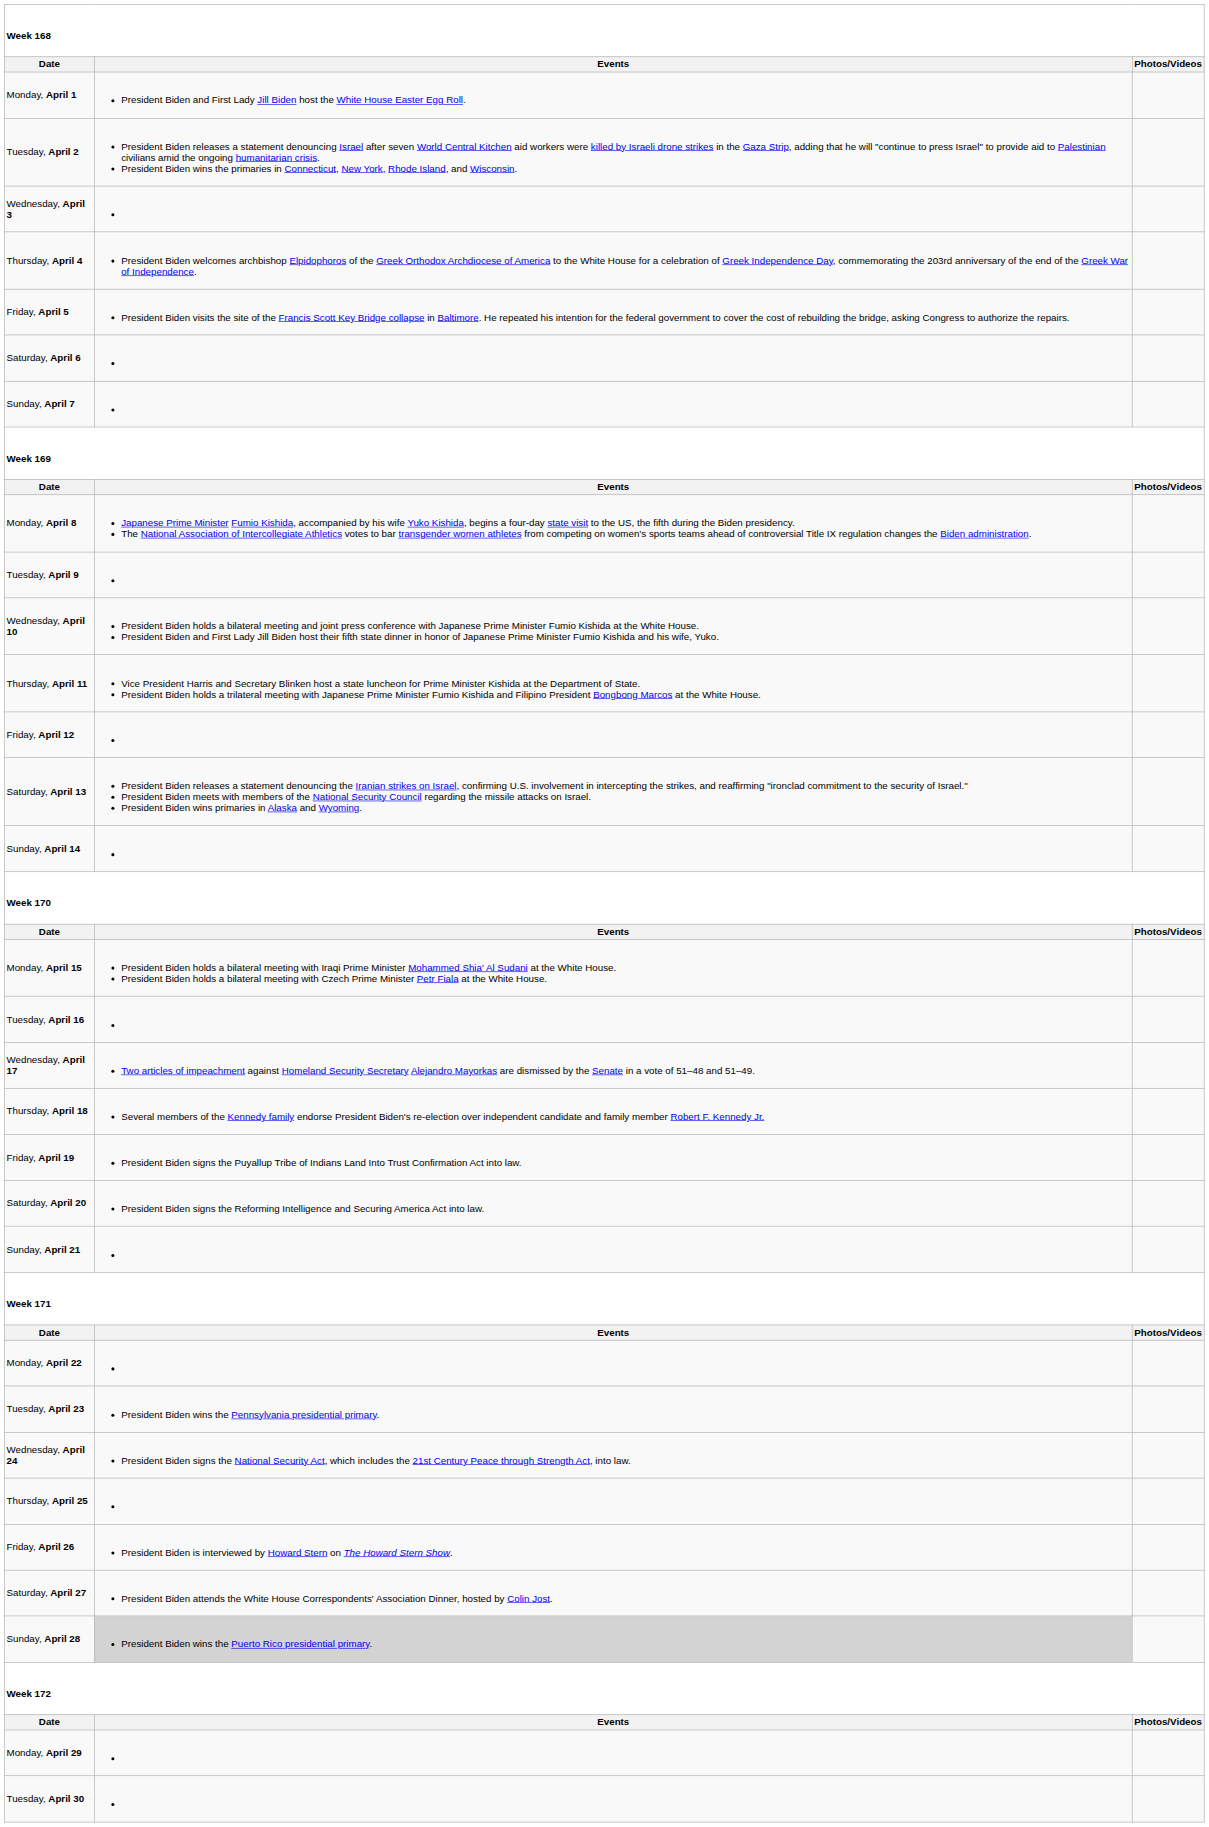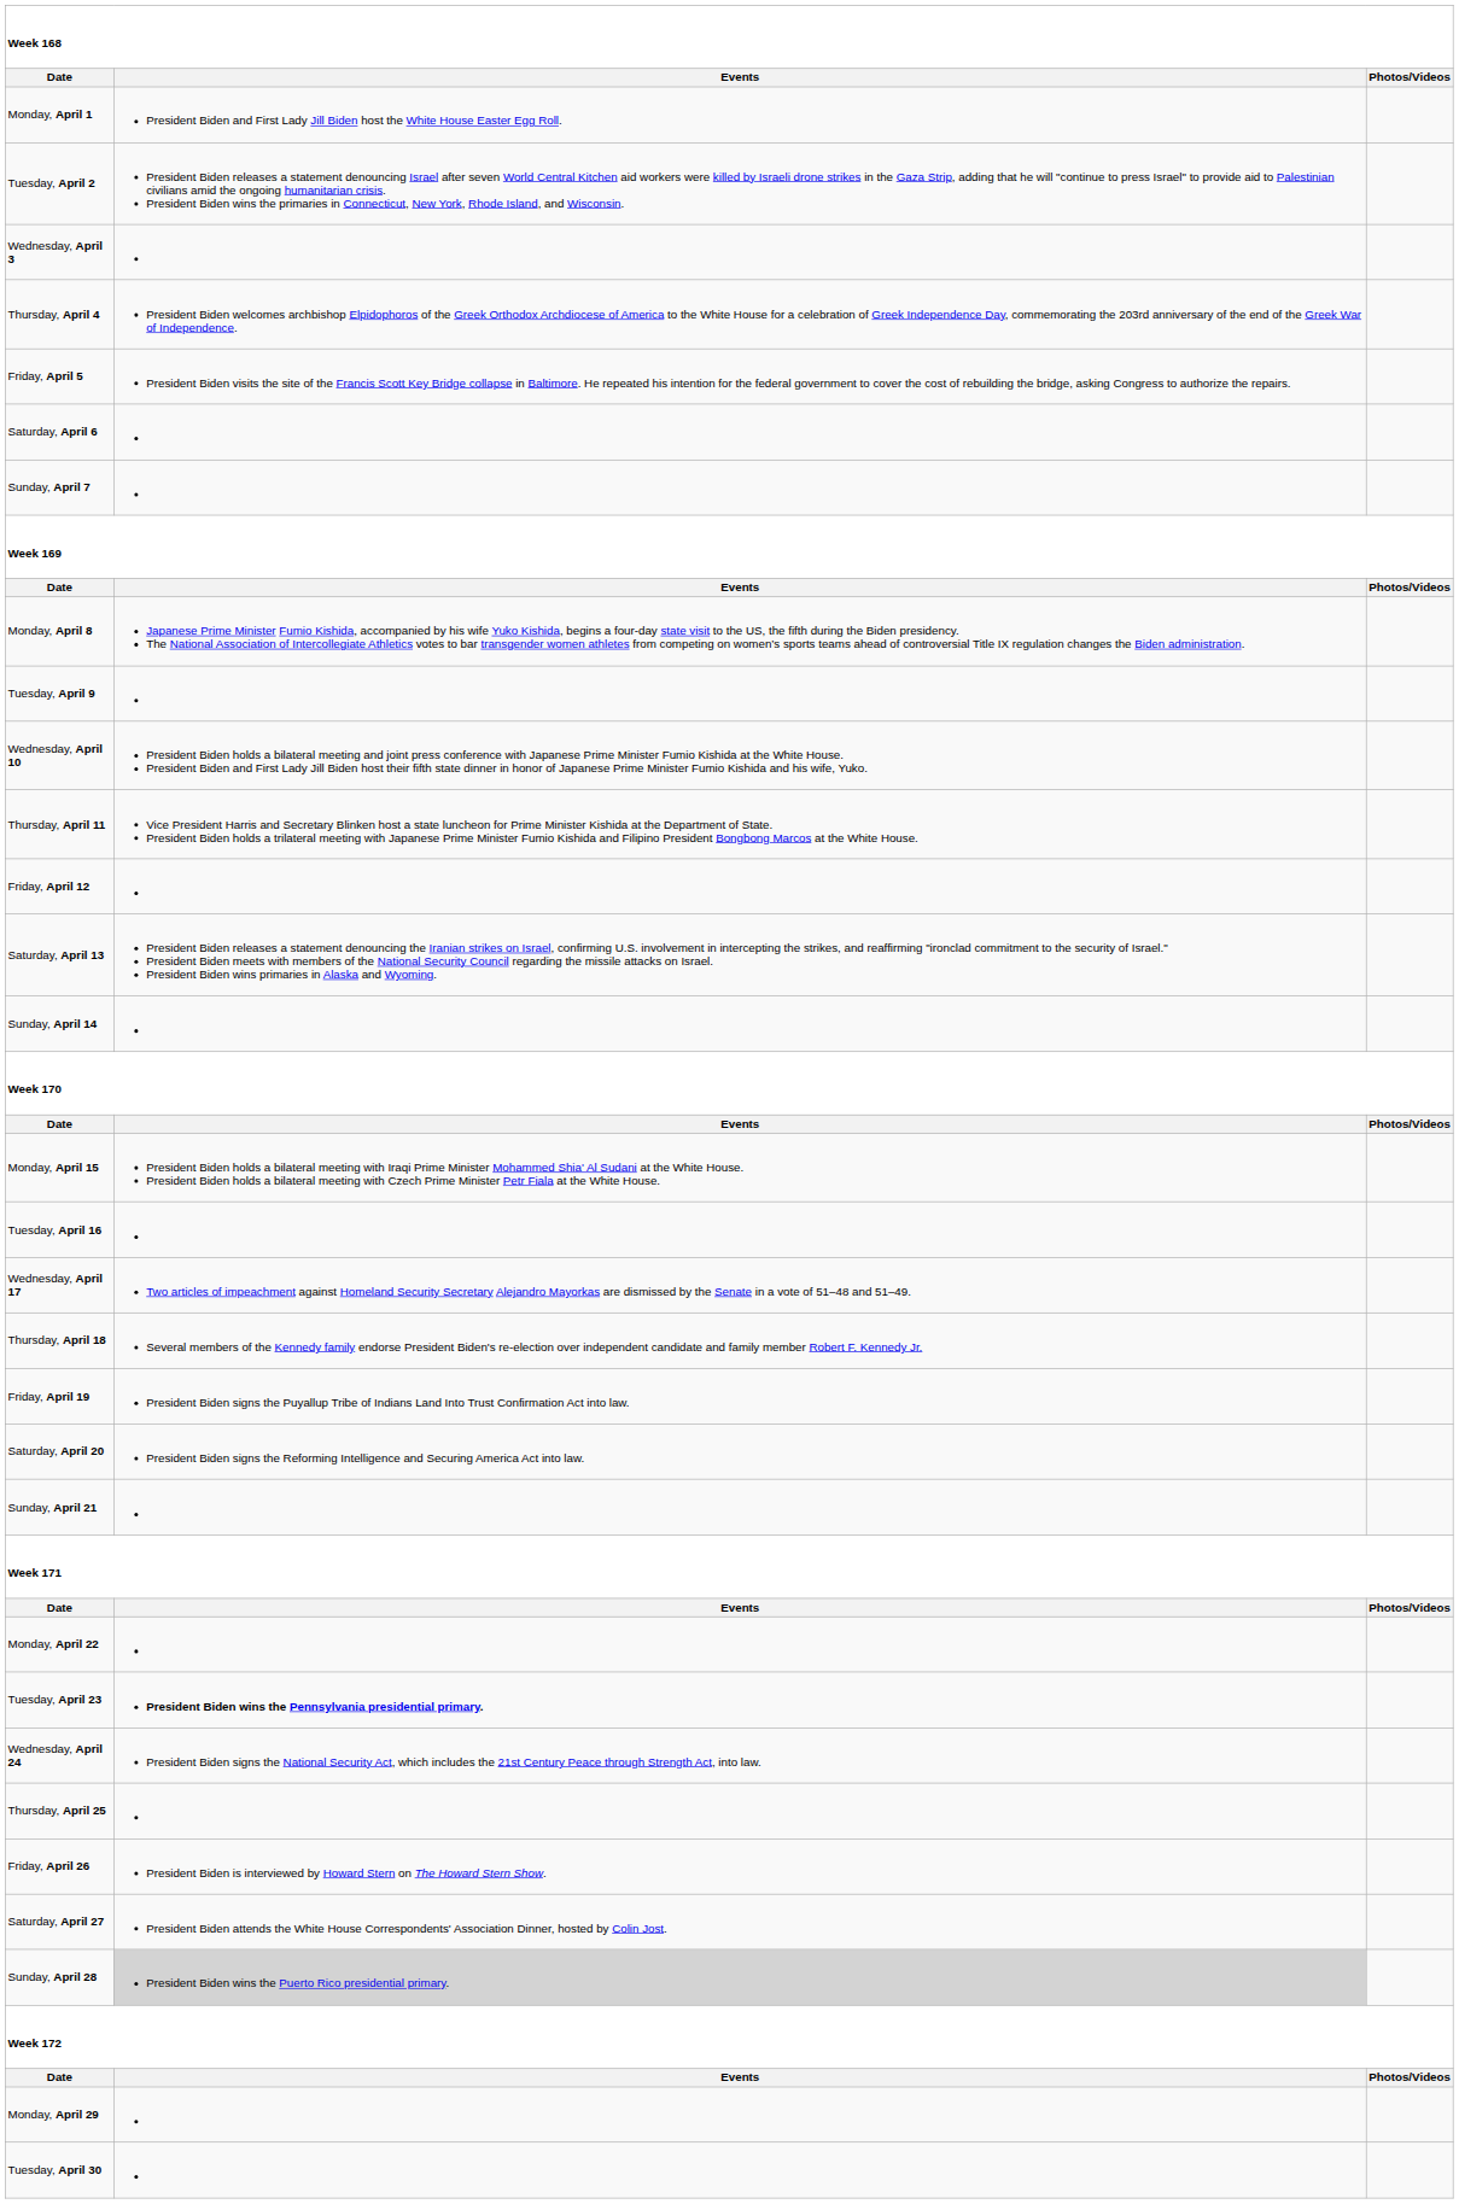 <table class="wikitable">
 <tr style="background:white;">
 <td colspan="3"><br><h4>Week 168</h4></td>
 </tr>
 <tr>
 <th>Date</th>
 <th>Events</th>
 <th>Photos/Videos</th>
 </tr>
 <tr>
 <td>Monday, <strong>April 1</strong></td>
 <td><br><ul><li>President Biden and First Lady <a href='#'>Jill Biden</a> host the <a href='#'>White House Easter Egg Roll</a>.</li></ul></td>
 <td></td>
 </tr>
 <tr>
 <td>Tuesday, <strong>April 2</strong></td>
 <td><br><ul><li>President Biden releases a statement denouncing <a href='#'>Israel</a> after seven <a href='#'>World Central Kitchen</a> aid workers were <a href='#'>killed by Israeli drone strikes</a> in the <a href='#'>Gaza Strip</a>, adding that he will "continue to press Israel" to provide aid to <a href='#'>Palestinian</a> civilians amid the ongoing <a href='#'>humanitarian crisis</a>.</li><li>President Biden wins the primaries in <a href='#'>Connecticut</a>, <a href='#'>New York</a>, <a href='#'>Rhode Island</a>, and <a href='#'>Wisconsin</a>.</li></ul></td>
 <td></td>
 </tr>
 <tr>
 <td>Wednesday, <strong>April 3</strong></td>
 <td><br><ul><li></li></ul></td>
 <td></td>
 </tr>
 <tr>
 <td>Thursday, <strong>April 4</strong></td>
 <td><br><ul><li>President Biden welcomes archbishop <a href='#'>Elpidophoros</a> of the <a href='#'>Greek Orthodox Archdiocese of America</a> to the White House for a celebration of <a href='#'>Greek Independence Day</a>, commemorating the 203rd anniversary of the end of the <a href='#'>Greek War of Independence</a>.</li></ul></td>
 <td></td>
 </tr>
 <tr>
 <td>Friday, <strong>April 5</strong></td>
 <td><br><ul><li>President Biden visits the site of the <a href='#'>Francis Scott Key Bridge collapse</a> in <a href='#'>Baltimore</a>. He repeated his intention for the federal government to cover the cost of rebuilding the bridge, asking Congress to authorize the repairs.</li></ul></td>
 <td></td>
 </tr>
 <tr>
 <td>Saturday, <strong>April 6</strong></td>
 <td><br><ul><li></li></ul></td>
 <td></td>
 </tr>
 <tr>
 <td>Sunday, <strong>April 7</strong></td>
 <td><br><ul><li></li></ul></td>
 <td></td>
 </tr>
 <tr style="background:white;">
 <td colspan="3"><br><h4>Week 169</h4></td>
 </tr>
 <tr>
 <th>Date</th>
 <th>Events</th>
 <th>Photos/Videos</th>
 </tr>
 <tr>
 <td>Monday, <strong>April 8</strong></td>
 <td><br><ul><li><a href='#'>Japanese Prime Minister</a> <a href='#'>Fumio Kishida</a>, accompanied by his wife <a href='#'>Yuko Kishida</a>, begins a four-day <a href='#'>state visit</a> to the US, the fifth during the Biden presidency.</li><li>The <a href='#'>National Association of Intercollegiate Athletics</a> votes to bar <a href='#'>transgender women athletes</a> from competing on women’s sports teams ahead of controversial Title IX regulation changes the <a href='#'>Biden administration</a>.</li></ul></td>
 <td></td>
 </tr>
 <tr>
 <td>Tuesday, <strong>April 9</strong></td>
 <td><br><ul><li></li></ul></td>
 <td></td>
 </tr>
 <tr>
 <td>Wednesday, <strong>April 10</strong></td>
 <td><br><ul><li>President Biden holds a bilateral meeting and joint press conference with Japanese Prime Minister Fumio Kishida at the White House.</li><li>President Biden and First Lady Jill Biden host their fifth state dinner in honor of Japanese Prime Minister Fumio Kishida and his wife, Yuko.</li></ul></td>
 <td></td>
 </tr>
 <tr>
 <td>Thursday, <strong>April 11</strong></td>
 <td><br><ul><li>Vice President Harris and Secretary Blinken host a state luncheon for Prime Minister Kishida at the Department of State.</li><li>President Biden holds a trilateral meeting with Japanese Prime Minister Fumio Kishida and Filipino President <a href='#'>Bongbong Marcos</a> at the White House.</li></ul></td>
 <td><br></td>
 </tr>
 <tr>
 <td>Friday, <strong>April 12</strong></td>
 <td><br><ul><li></li></ul></td>
 <td></td>
 </tr>
 <tr>
 <td>Saturday, <strong>April 13</strong></td>
 <td><br><ul><li>President Biden releases a statement denouncing the <a href='#'>Iranian strikes on Israel</a>, confirming U.S. involvement in intercepting the strikes, and reaffirming "ironclad commitment to the security of Israel."</li><li>President Biden meets with members of the <a href='#'>National Security Council</a> regarding the missile attacks on Israel.</li><li>President Biden wins primaries in <a href='#'>Alaska</a> and <a href='#'>Wyoming</a>.</li></ul></td>
 <td></td>
 </tr>
 <tr>
 <td>Sunday, <strong>April 14</strong></td>
 <td><br><ul><li></li></ul></td>
 <td></td>
 </tr>
 <tr style="background:white;">
 <td colspan="3"><br><h4>Week 170</h4></td>
 </tr>
 <tr>
 <th>Date</th>
 <th>Events</th>
 <th>Photos/Videos</th>
 </tr>
 <tr>
 <td>Monday, <strong>April 15</strong></td>
 <td><br><ul><li>President Biden holds a bilateral meeting with Iraqi Prime Minister <a href='#'>Mohammed Shia' Al Sudani</a> at the White House.</li><li>President Biden holds a bilateral meeting with Czech Prime Minister <a href='#'>Petr Fiala</a> at the White House.</li></ul></td>
 <td></td>
 </tr>
 <tr>
 <td>Tuesday, <strong>April 16</strong></td>
 <td><br><ul><li></li></ul></td>
 <td></td>
 </tr>
 <tr>
 <td>Wednesday, <strong>April 17</strong></td>
 <td><br><ul><li><a href='#'>Two articles of impeachment</a> against <a href='#'>Homeland Security Secretary</a> <a href='#'>Alejandro Mayorkas</a> are dismissed by the <a href='#'>Senate</a> in a vote of 51–48 and 51–49.</li></ul></td>
 <td></td>
 </tr>
 <tr>
 <td>Thursday, <strong>April 18</strong></td>
 <td><br><ul><li>Several members of the <a href='#'>Kennedy family</a> endorse President Biden's re-election over independent candidate and family member <a href='#'>Robert F. Kennedy Jr.</a></li></ul></td>
 </tr>
 <tr>
 <td>Friday, <strong>April 19</strong></td>
 <td><br><ul><li>President Biden signs the Puyallup Tribe of Indians Land Into Trust Confirmation Act into law.</li></ul></td>
 <td></td>
 </tr>
 <tr>
 <td>Saturday, <strong>April 20</strong></td>
 <td><br><ul><li>President Biden signs the Reforming Intelligence and Securing America Act into law.</li></ul></td>
 <td></td>
 </tr>
 <tr>
 <td>Sunday, <strong>April 21</strong></td>
 <td><br><ul><li></li></ul></td>
 <td></td>
 </tr>
 <tr style="background:white;">
 <td colspan="3"><br><h4>Week 171</h4></td>
 </tr>
 <tr>
 <th>Date</th>
 <th>Events</th>
 <th>Photos/Videos</th>
 </tr>
 <tr>
 <td>Monday, <strong>April 22</strong></td>
 <td><br><ul><li></li></ul></td>
 <td></td>
 </tr>
 <tr>
 <td>Tuesday, <strong>April 23</strong></td>
-<td><br><ul><li>President Biden wins the <a href='#'>Pennsylvania presidential primary</a>.</li></ul></td>
+<td><strong><br><ul><li>President Biden wins the <a href='#'>Pennsylvania presidential primary</a>.</li></ul></strong></td>
 <td></td>
 </tr>
 <tr>
 <td>Wednesday, <strong>April 24</strong></td>
 <td><br><ul><li>President Biden signs the <a href='#'>National Security Act</a>, which includes the <a href='#'>21st Century Peace through Strength Act</a>, into law.</li></ul></td>
 <td></td>
 </tr>
 <tr>
 <td>Thursday, <strong>April 25</strong></td>
 <td><br><ul><li></li></ul></td>
 <td></td>
 </tr>
 <tr>
 <td>Friday, <strong>April 26</strong></td>
 <td><br><ul><li>President Biden is interviewed by <a href='#'>Howard Stern</a> on <em><a href='#'>The Howard Stern Show</a></em>.</li></ul></td>
 <td></td>
 </tr>
 <tr>
 <td>Saturday, <strong>April 27</strong></td>
 <td><br><ul><li>President Biden attends the White House Correspondents' Association Dinner, hosted by <a href='#'>Colin Jost</a>.</li></ul></td>
 <td></td>
 </tr>
 <tr>
 <td>Sunday, <strong>April 28</strong></td>
 <td style="background: lightgrey;"><br><ul><li>President Biden wins the <a href='#'>Puerto Rico presidential primary</a>.</li></ul></td>
 <td></td>
 </tr>
 <tr style="background:white;">
 <td colspan="3"><br><h4>Week 172</h4></td>
 </tr>
 <tr>
 <th>Date</th>
 <th>Events</th>
 <th>Photos/Videos</th>
 </tr>
 <tr>
 <td>Monday, <strong>April 29</strong></td>
 <td><br><ul><li></li></ul></td>
 <td></td>
 </tr>
 <tr>
 <td>Tuesday, <strong>April 30</strong></td>
 <td><br><ul><li></li></ul></td>
 <td></td>
 </tr>
 </table>
